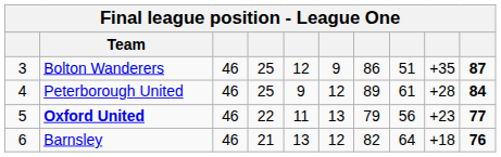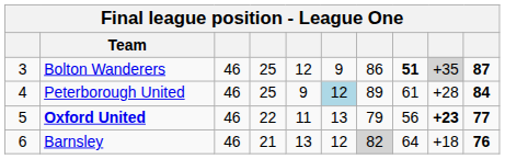 <table class="wikitable" style="text-align:center">
 <tr>
 <th colspan="10"><big>Final league position - League One</big></th>
 </tr>
 <tr>
 <th width="30"></th>
 <th width="175">Team</th>
 <th width="30"></th>
 <th width="30"></th>
 <th width="30"></th>
 <th width="30"></th>
 <th width="30"></th>
 <th width="30"></th>
 <th width="30"></th>
 <th width="30"></th>
 </tr>
 <tr>
 <td>3</td>
 <td align="left"><a href='#'>Bolton Wanderers</a></td>
 <td>46</td>
 <td>25</td>
 <td>12</td>
 <td>9</td>
 <td>86</td>
-<td>51</td>
-<td>+35</td>
+<td><strong>51</strong></td>
+<td style="background: lightgrey;">+35</td>
 <td><strong>87</strong></td>
 </tr>
 <tr>
 <td>4</td>
 <td align="left"><a href='#'>Peterborough United</a></td>
 <td>46</td>
 <td>25</td>
 <td>9</td>
-<td>12</td>
+<td style="background: lightblue;">12</td>
 <td>89</td>
 <td>61</td>
 <td>+28</td>
 <td><strong>84</strong></td>
 </tr>
 <tr>
 <td>5</td>
 <td align="left"><strong><a href='#'>Oxford United</a></strong></td>
 <td>46</td>
 <td>22</td>
 <td>11</td>
 <td>13</td>
 <td>79</td>
 <td>56</td>
-<td>+23</td>
+<td><strong>+23</strong></td>
 <td><strong>77</strong></td>
 </tr>
 <tr>
 <td>6</td>
 <td align="left"><a href='#'>Barnsley</a></td>
 <td>46</td>
 <td>21</td>
 <td>13</td>
 <td>12</td>
-<td>82</td>
+<td style="background: lightgrey;">82</td>
 <td>64</td>
 <td>+18</td>
 <td><strong>76</strong></td>
 </tr>
 </table>
